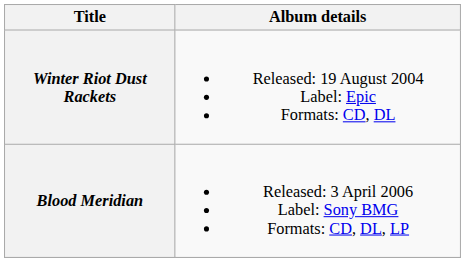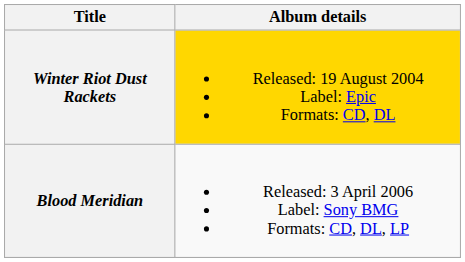 <table class="wikitable plainrowheaders" style="text-align:center;">
 <tr>
 <th scope="col" colwspan="2" style="width:10em;">Title</th>
 <th scope="col" colspan="2" style="width:17em;">Album details</th>
 </tr>
 <tr>
 <th scope="row"><em>Winter Riot Dust Rackets</em></th>
-<td><br><ul><li>Released: 19 August 2004</li><li>Label: <a href='#'>Epic</a></li><li>Formats: <a href='#'>CD</a>, <a href='#'>DL</a></li></ul></td>
+<td style="background: gold;"><br><ul><li>Released: 19 August 2004</li><li>Label: <a href='#'>Epic</a></li><li>Formats: <a href='#'>CD</a>, <a href='#'>DL</a></li></ul></td>
 </tr>
 <tr>
 <th scope="row"><em>Blood Meridian</em></th>
 <td><br><ul><li>Released: 3 April 2006</li><li>Label: <a href='#'>Sony BMG</a></li><li>Formats: <a href='#'>CD</a>, <a href='#'>DL</a>, <a href='#'>LP</a></li></ul></td>
 </tr>
 <tr>
 </tr>
 </table>
